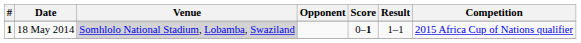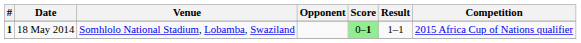 <table class="wikitable" border="1">
 <tr>
 <th>#</th>
 <th>Date</th>
 <th>Venue</th>
 <th>Opponent</th>
 <th>Score</th>
 <th>Result</th>
 <th>Competition</th>
 </tr>
 <tr>
 </tr>
 <tr>
 <td><strong>1</strong></td>
 <td>18 May 2014</td>
-<td style="background: lightgrey;"><a href='#'>Somhlolo National Stadium</a>, <a href='#'>Lobamba</a>, <a href='#'>Swaziland</a></td>
+<td><a href='#'>Somhlolo National Stadium</a>, <a href='#'>Lobamba</a>, <a href='#'>Swaziland</a></td>
 <td></td>
-<td align=center>0–<strong>1</strong></td>
+<td align=center style="background: lightgreen;">0–<strong>1</strong></td>
 <td align=center>1–1</td>
 <td><a href='#'>2015 Africa Cup of Nations qualifier</a></td>
 </tr>
 <tr>
 </tr>
 </table>
